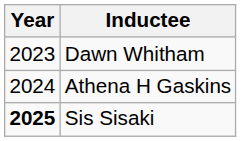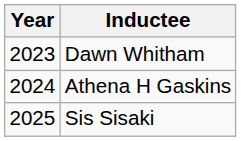 <table class="wikitable">
 <tr>
 <th>Year</th>
 <th>Inductee</th>
 </tr>
 <tr>
 <td>2023</td>
 <td>Dawn Whitham</td>
 </tr>
 <tr>
 <td>2024</td>
 <td>Athena H Gaskins</td>
 </tr>
 <tr>
-<td><strong>2025</strong></td>
+<td>2025</td>
 <td>Sis Sisaki</td>
 </tr>
 </table>
